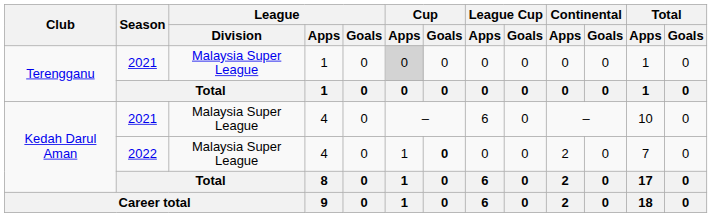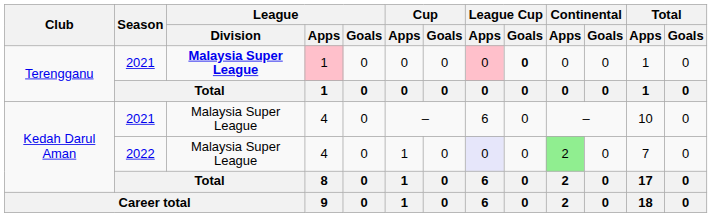 <table class="wikitable" style="text-align: center;">
 <tr>
 <th rowspan="2">Club</th>
 <th rowspan="2">Season</th>
 <th colspan="3">League</th>
 <th colspan="2">Cup</th>
 <th colspan="2">League Cup</th>
 <th colspan="2">Continental</th>
 <th colspan="2">Total</th>
 </tr>
 <tr>
 <th>Division</th>
 <th>Apps</th>
 <th>Goals</th>
 <th>Apps</th>
 <th>Goals</th>
 <th>Apps</th>
 <th>Goals</th>
 <th>Apps</th>
 <th>Goals</th>
 <th>Apps</th>
 <th>Goals</th>
 </tr>
 <tr>
 <td rowspan="2" valign="center"><a href='#'>Terengganu</a></td>
 <td><a href='#'>2021</a></td>
-<td><a href='#'>Malaysia Super League</a></td>
-<td>1</td>
-<td>0</td>
-<td style="background: lightgrey;">0</td>
+<td><strong><a href='#'>Malaysia Super League</a></strong></td>
+<td style="background: pink;">1</td>
 <td>0</td>
 <td>0</td>
 <td>0</td>
+<td style="background: pink;">0</td>
+<td><strong>0</strong></td>
 <td>0</td>
 <td>0</td>
 <td>1</td>
 <td>0</td>
 </tr>
 <tr>
 <th colspan=2>Total</th>
 <th>1</th>
 <th>0</th>
 <th>0</th>
 <th>0</th>
 <th>0</th>
 <th>0</th>
 <th>0</th>
 <th>0</th>
 <th>1</th>
 <th>0</th>
 </tr>
 <tr>
 <td rowspan="3" valign="center"><a href='#'>Kedah Darul Aman</a></td>
 <td><a href='#'>2021</a></td>
 <td>Malaysia Super League</td>
 <td>4</td>
 <td>0</td>
 <td colspan="2">–</td>
 <td>6</td>
 <td>0</td>
 <td colspan="2">–</td>
 <td>10</td>
 <td>0</td>
 </tr>
 <tr>
 <td><a href='#'>2022</a></td>
 <td>Malaysia Super League</td>
 <td>4</td>
 <td>0</td>
 <td>1</td>
-<td><strong>0</strong></td>
 <td>0</td>
+<td style="background: lavender;">0</td>
 <td>0</td>
-<td>2</td>
+<td style="background: lightgreen;">2</td>
 <td>0</td>
 <td>7</td>
 <td>0</td>
 </tr>
 <tr>
 <th colspan=2>Total</th>
 <th>8</th>
 <th>0</th>
 <th>1</th>
 <th>0</th>
 <th>6</th>
 <th>0</th>
 <th>2</th>
 <th>0</th>
 <th>17</th>
 <th>0</th>
 </tr>
 <tr>
 <th colspan="3">Career total</th>
 <th>9</th>
 <th>0</th>
 <th>1</th>
 <th>0</th>
 <th>6</th>
 <th>0</th>
 <th>2</th>
 <th>0</th>
 <th>18</th>
 <th>0</th>
 </tr>
 </table>
